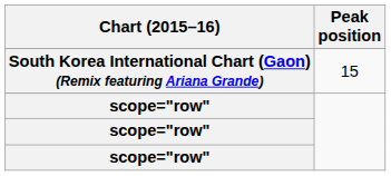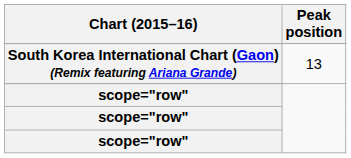 <table class="wikitable plainrowheaders sortable" style="text-align:center;">
 <tr>
 <th scope="col">Chart (2015–16)</th>
 <th scope="col">Peak<br>position</th>
 </tr>
 <tr>
 </tr>
 <tr>
 <th scope="row">South Korea International Chart (<a href='#'>Gaon</a>)<br><small><em>(Remix featuring <a href='#'>Ariana Grande</a>)</em></small></th>
-<td>15</td>
+<td>13</td>
 </tr>
 <tr>
 </tr>
 <tr>
 </tr>
 <tr>
 <th>scope="row" </th>
 </tr>
 <tr>
 <th>scope="row" </th>
 </tr>
 <tr>
 <th>scope="row" </th>
 </tr>
 </table>
